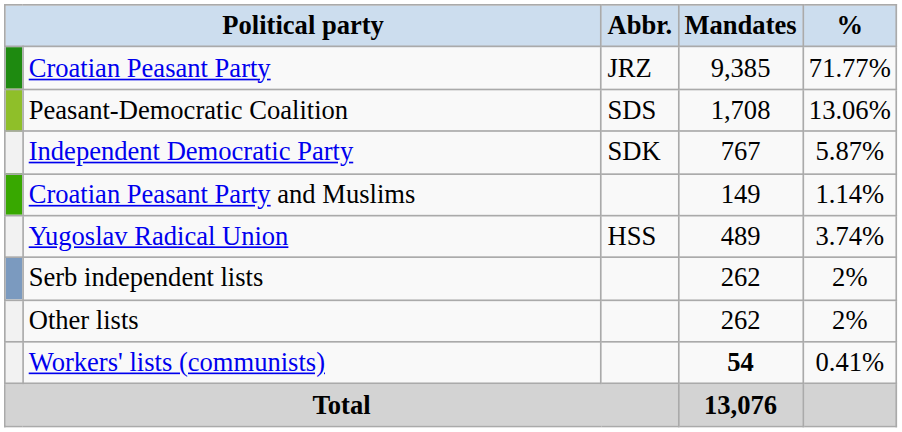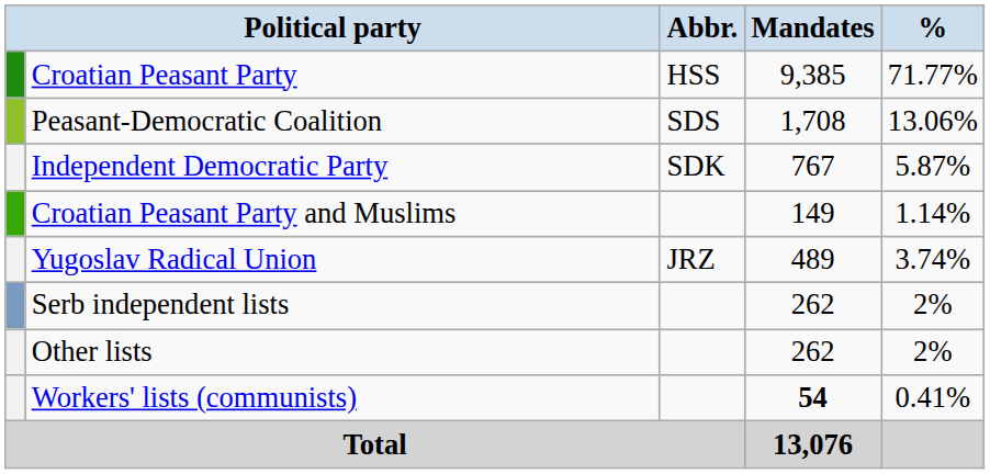 <table class="wikitable">
 <tr>
 <th colspan=2 style="background:#CCDDEE; width: 22em">Political party</th>
 <th style="background-color:#CCDDEE" align= center>Abbr.</th>
 <th style="background-color:#CCDDEE" align= center>Mandates</th>
 <th style="background-color:#CCDDEE" align= center>%</th>
 </tr>
 <tr>
 <th style="background-color:#1e8a10"></th>
 <td><a href='#'>Croatian Peasant Party</a></td>
-<td>JRZ</td>
+<td>HSS</td>
 <td style="text-align:center">9,385</td>
 <td style="text-align:center">71.77%</td>
 </tr>
 <tr>
 <th style="background-color:#8fbf29"></th>
 <td>Peasant-Democratic Coalition</td>
 <td>SDS</td>
 <td style="text-align:center">1,708</td>
 <td style="text-align:center">13.06%</td>
 </tr>
 <tr>
 <th style="background-color: "></th>
 <td><a href='#'>Independent Democratic Party</a></td>
 <td>SDK</td>
 <td style="text-align:center">767</td>
 <td style="text-align:center">5.87%</td>
 </tr>
 <tr ita>
 <th style="background-color:#38a800"></th>
 <td><a href='#'>Croatian Peasant Party</a> and Muslims</td>
 <td></td>
 <td style="text-align:center">149</td>
 <td style="text-align:center">1.14%</td>
 </tr>
 <tr>
 <th style="background-color: "></th>
 <td><a href='#'>Yugoslav Radical Union</a></td>
-<td>HSS</td>
+<td>JRZ</td>
 <td style="text-align:center">489</td>
 <td style="text-align:center">3.74%</td>
 </tr>
 <tr>
 <th style="background-color:#7b9abf"></th>
 <td>Serb independent lists</td>
 <td></td>
 <td style="text-align:center">262</td>
 <td style="text-align:center">2%</td>
 </tr>
 <tr>
 <th style="background-color: "></th>
 <td>Other lists</td>
 <td></td>
 <td style="text-align:center">262</td>
 <td style="text-align:center">2%</td>
 </tr>
 <tr>
 <th style="background-color:"></th>
 <td><a href='#'>Workers' lists (communists)</a></td>
 <td></td>
 <td style="text-align:center"><strong>54</strong></td>
 <td style="text-align:center">0.41%</td>
 </tr>
 <tr>
 <td colspan="3" align=center style="background: lightgrey"><strong>Total</strong></td>
 <td align=center style="background: lightgrey"><strong>13,076</strong></td>
 <td align=center style="background: lightgrey"></td>
 </tr>
 </table>
